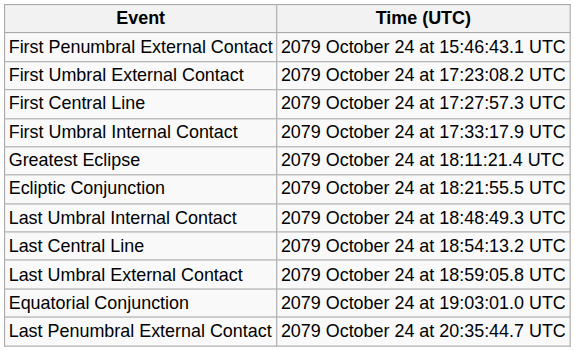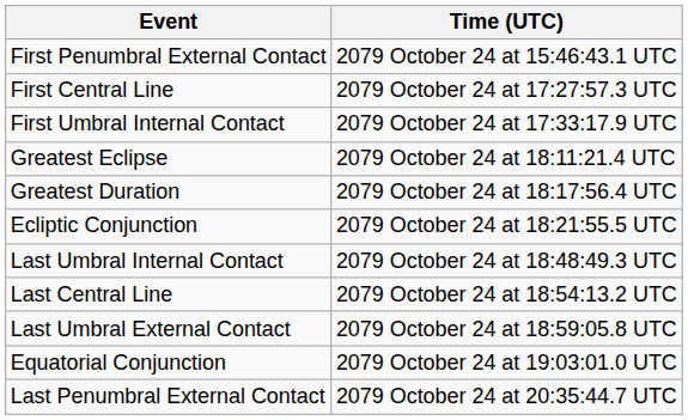 <table class="wikitable">
 <tr>
 <th>Event</th>
 <th>Time (UTC)</th>
 </tr>
 <tr>
 <td>First Penumbral External Contact</td>
 <td>2079 October 24 at 15:46:43.1 UTC</td>
-</tr>
-<tr>
-<td>First Umbral External Contact</td>
-<td>2079 October 24 at 17:23:08.2 UTC</td>
 </tr>
 <tr>
 <td>First Central Line</td>
 <td>2079 October 24 at 17:27:57.3 UTC</td>
 </tr>
 <tr>
 <td>First Umbral Internal Contact</td>
 <td>2079 October 24 at 17:33:17.9 UTC</td>
 </tr>
 <tr>
 <td>Greatest Eclipse</td>
 <td>2079 October 24 at 18:11:21.4 UTC</td>
+</tr>
+<tr>
+<td>Greatest Duration</td>
+<td>2079 October 24 at 18:17:56.4 UTC</td>
 </tr>
 <tr>
 <td>Ecliptic Conjunction</td>
 <td>2079 October 24 at 18:21:55.5 UTC</td>
 </tr>
 <tr>
 <td>Last Umbral Internal Contact</td>
 <td>2079 October 24 at 18:48:49.3 UTC</td>
 </tr>
 <tr>
 <td>Last Central Line</td>
 <td>2079 October 24 at 18:54:13.2 UTC</td>
 </tr>
 <tr>
 <td>Last Umbral External Contact</td>
 <td>2079 October 24 at 18:59:05.8 UTC</td>
 </tr>
 <tr>
 <td>Equatorial Conjunction</td>
 <td>2079 October 24 at 19:03:01.0 UTC</td>
 </tr>
 <tr>
 <td>Last Penumbral External Contact</td>
 <td>2079 October 24 at 20:35:44.7 UTC</td>
 </tr>
 </table>
